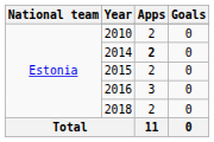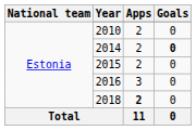 <table class=wikitable style="text-align: center;">
 <tr>
 <th>National team</th>
 <th>Year</th>
 <th>Apps</th>
 <th>Goals</th>
 </tr>
 <tr>
 <td rowspan=6><a href='#'>Estonia</a></td>
 </tr>
 <tr>
 <td>2010</td>
 <td>2</td>
 <td>0</td>
 </tr>
 <tr>
 <td>2014</td>
-<td><strong>2</strong></td>
-<td>0</td>
+<td>2</td>
+<td><strong>0</strong></td>
 </tr>
 <tr>
 <td>2015</td>
 <td>2</td>
 <td>0</td>
 </tr>
 <tr>
 <td>2016</td>
 <td>3</td>
 <td>0</td>
 </tr>
 <tr>
 <td>2018</td>
-<td>2</td>
+<td><strong>2</strong></td>
 <td>0</td>
 </tr>
 <tr>
 <th colspan=2>Total</th>
 <th>11</th>
 <th>0</th>
 </tr>
 </table>
